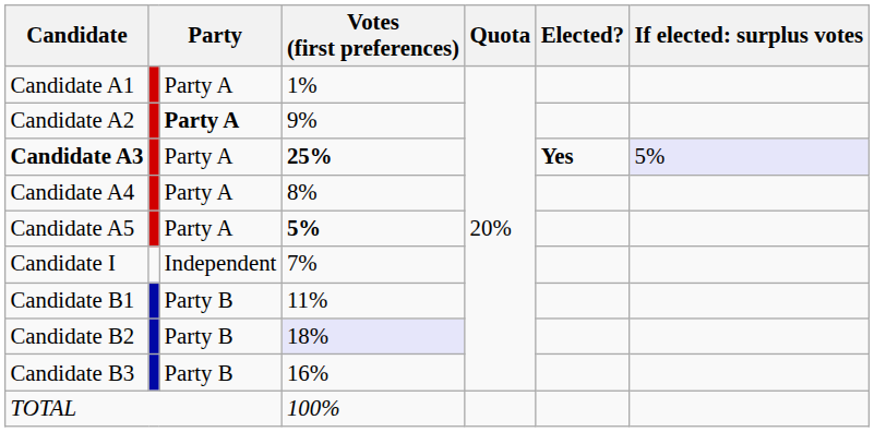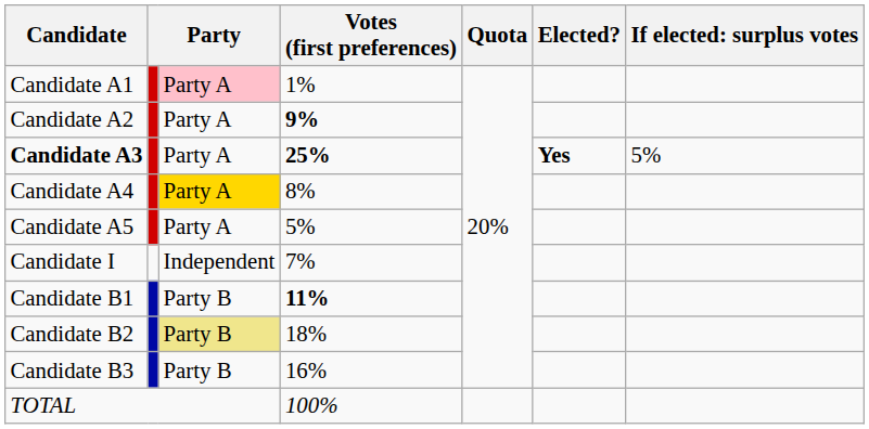 <table class="wikitable">
 <tr>
 <th>Candidate</th>
 <th colspan="2">Party</th>
 <th>Votes<br>(first preferences)</th>
 <th>Quota</th>
 <th>Elected?</th>
 <th>If elected: surplus votes</th>
 </tr>
 <tr>
 <td>Candidate A1</td>
 <td style="background:#D10000"></td>
-<td>Party A</td>
+<td style="background: pink;">Party A</td>
 <td>1%</td>
 <td rowspan="9">20%</td>
 <td></td>
 <td></td>
 </tr>
 <tr>
 <td>Candidate A2</td>
 <td style="background:#D10000"></td>
-<td><strong>Party A</strong></td>
-<td>9%</td>
+<td>Party A</td>
+<td><strong>9%</strong></td>
 <td></td>
 <td></td>
 </tr>
 <tr>
 <td><strong>Candidate A3</strong></td>
 <td style="background:#D10000"></td>
 <td>Party A</td>
 <td><strong>25%</strong></td>
 <td><strong>Yes</strong></td>
-<td style="background: lavender;">5%</td>
+<td>5%</td>
 </tr>
 <tr>
 <td>Candidate A4</td>
 <td style="background:#D10000"></td>
-<td>Party A</td>
+<td style="background: gold;">Party A</td>
 <td>8%</td>
 <td></td>
 <td></td>
 </tr>
 <tr>
 <td>Candidate A5</td>
 <td style="background:#D10000"></td>
 <td>Party A</td>
-<td><strong>5%</strong></td>
+<td>5%</td>
 <td></td>
 <td></td>
 </tr>
 <tr>
 <td>Candidate I</td>
 <td></td>
 <td>Independent</td>
 <td>7%</td>
 <td></td>
 <td></td>
 </tr>
 <tr>
 <td>Candidate B1</td>
 <td style="background:#0008A5"></td>
 <td>Party B</td>
-<td>11%</td>
+<td><strong>11%</strong></td>
 <td></td>
 <td></td>
 </tr>
 <tr>
 <td>Candidate B2</td>
 <td style="background:#0008A5"></td>
-<td>Party B</td>
-<td style="background: lavender;">18%</td>
+<td style="background: khaki;">Party B</td>
+<td>18%</td>
 <td></td>
 <td></td>
 </tr>
 <tr>
 <td>Candidate B3</td>
 <td style="background:#0008A5"></td>
 <td>Party B</td>
 <td>16%</td>
 <td></td>
 <td></td>
 </tr>
 <tr>
 <td colspan="3"><em>TOTAL</em></td>
 <td><em>100%</em></td>
 <td></td>
 <td></td>
 <td></td>
 </tr>
 </table>
